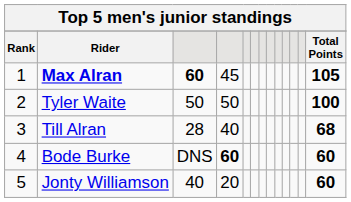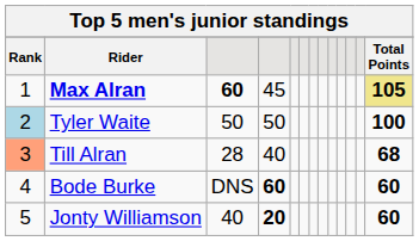 <table class="wikitable sortable">
 <tr>
 <th colspan=27 align="center"><strong>Top 5 men's junior standings</strong></th>
 </tr>
 <tr>
 </tr>
 <tr style="font-size:8pt;font-weight:bold">
 <th align="center">Rank</th>
 <th align="center">Rider</th>
 <th class=unsortable style="background:#E5E4E2;"><small></small></th>
 <th class=unsortable style="background:#E5E4E2;"><small></small></th>
 <th class=unsortable style="background:#E5E4E2;"><small></small></th>
 <th class=unsortable style="background:#E5E4E2;"><small></small></th>
 <th class=unsortable style="background:#E5E4E2;"><small></small></th>
 <th class=unsortable style="background:#E5E4E2;"><small></small></th>
 <th class=unsortable style="background:#E5E4E2;"><small></small></th>
 <th class=unsortable style="background:#E5E4E2;"><small></small></th>
 <th class=unsortable style="background:#E5E4E2;"><small></small></th>
 <th class=unsortable style="background:#E5E4E2;"><small></small></th>
 <th align="center">Total<br>Points</th>
 </tr>
 <tr>
 <td align=center>1</td>
 <td> <strong><a href='#'>Max Alran</a></strong></td>
 <td align=center><strong>60</strong></td>
 <td align=center>45</td>
 <td align=center></td>
 <td align=center></td>
 <td align=center></td>
 <td align=center></td>
 <td align=center></td>
 <td align=center></td>
 <td align=center></td>
 <td align=center></td>
-<td align=center><strong>105</strong></td>
+<td align=center style="background: khaki;"><strong>105</strong></td>
 </tr>
 <tr>
-<td align=center>2</td>
+<td align=center style="background: lightblue;">2</td>
 <td> <a href='#'>Tyler Waite</a></td>
 <td align=center>50</td>
 <td align=center>50</td>
 <td align=center></td>
 <td align=center></td>
 <td align=center></td>
 <td align=center></td>
 <td align=center></td>
 <td align=center></td>
 <td align=center></td>
 <td align=center></td>
 <td align=center><strong>100</strong></td>
 </tr>
 <tr>
-<td align=center>3</td>
+<td align=center style="background: lightsalmon;">3</td>
 <td> <a href='#'>Till Alran</a></td>
 <td align=center>28</td>
 <td align=center>40</td>
 <td align=center></td>
 <td align=center></td>
 <td align=center></td>
 <td align=center></td>
 <td align=center></td>
 <td align=center></td>
 <td align=center></td>
 <td align=center></td>
 <td align=center><strong>68</strong></td>
 </tr>
 <tr>
 <td align=center>4</td>
 <td> <a href='#'>Bode Burke</a></td>
 <td align=center>DNS</td>
 <td align=center><strong>60</strong></td>
 <td align=center></td>
 <td align=center></td>
 <td align=center></td>
 <td align=center></td>
 <td align=center></td>
 <td align=center></td>
 <td align=center></td>
 <td align=center></td>
 <td align=center><strong>60</strong></td>
 </tr>
 <tr>
 <td align=center>5</td>
 <td> <a href='#'>Jonty Williamson</a></td>
 <td align=center>40</td>
-<td align=center>20</td>
+<td align=center><strong>20</strong></td>
 <td align=center></td>
 <td align=center></td>
 <td align=center></td>
 <td align=center></td>
 <td align=center></td>
 <td align=center></td>
 <td align=center></td>
 <td align=center></td>
 <td align=center><strong>60</strong><br></td>
 </tr>
 </table>
